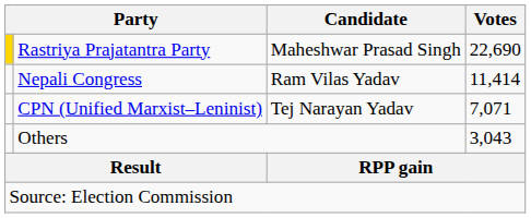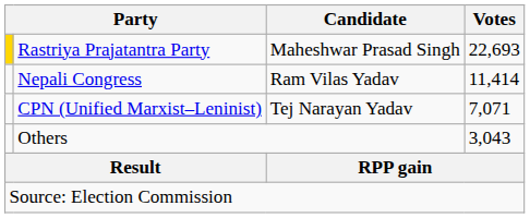 <table class="wikitable">
 <tr>
 <th colspan="2">Party</th>
 <th>Candidate</th>
 <th>Votes</th>
 </tr>
 <tr>
 <td style="background-color:gold"></td>
 <td><a href='#'>Rastriya Prajatantra Party</a></td>
 <td>Maheshwar Prasad Singh</td>
-<td>22,690</td>
+<td>22,693</td>
 </tr>
 <tr>
 <td style="background-color:"></td>
 <td><a href='#'>Nepali Congress</a></td>
 <td>Ram Vilas Yadav</td>
 <td>11,414</td>
 </tr>
 <tr>
 <td style="background-color:"></td>
 <td><a href='#'>CPN (Unified Marxist–Leninist)</a></td>
 <td>Tej Narayan Yadav</td>
 <td>7,071</td>
 </tr>
 <tr>
 <td></td>
 <td colspan="2">Others</td>
 <td>3,043</td>
 </tr>
 <tr>
 <th colspan="2">Result</th>
 <th colspan="2">RPP gain</th>
 </tr>
 <tr>
 <td colspan="4">Source: Election Commission</td>
 </tr>
 </table>
